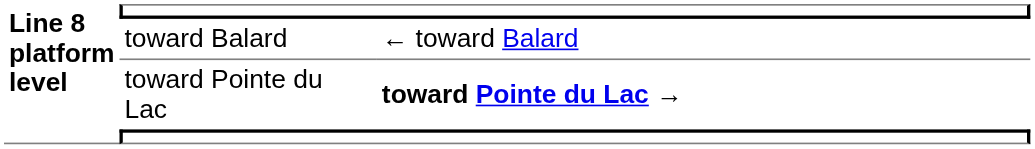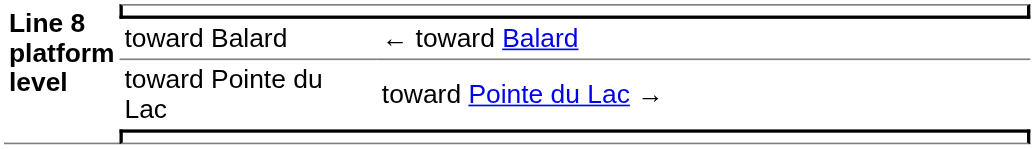 <table border=0 cellspacing=0 cellpadding=3>
 <tr>
 <td style="border-bottom:solid 1px gray;" width=50 rowspan=10 valign=top><strong>Line 8 platform level</strong></td>
 <td style="border-top:solid 1px gray;border-right:solid 2px black;border-left:solid 2px black;border-bottom:solid 2px black;text-align:center;" colspan=2></td>
 </tr>
 <tr>
 <td style="border-bottom:solid 1px gray;" width=150>toward Balard</td>
 <td style="border-bottom:solid 1px gray;" width=390>←   toward <a href='#'>Balard</a> </td>
 </tr>
 <tr>
 <td>toward Pointe du Lac</td>
-<td><strong>   toward <a href='#'>Pointe du Lac</a>  →</strong></td>
+<td>   toward <a href='#'>Pointe du Lac</a>  →</td>
 </tr>
 <tr>
 <td style="border-top:solid 2px black;border-right:solid 2px black;border-left:solid 2px black;border-bottom:solid 1px gray;text-align:center;" colspan=2></td>
 </tr>
 </table>
